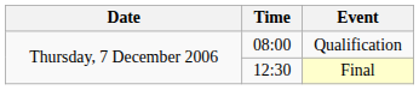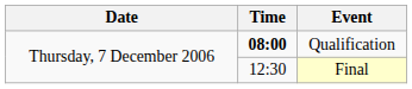 <table class = "wikitable" style="text-align:center;">
 <tr>
 <th width=220>Date</th>
 <th width=50>Time</th>
 <th width=100>Event</th>
 </tr>
 <tr>
 <td rowspan=2>Thursday, 7 December 2006</td>
-<td>08:00</td>
+<td><strong>08:00</strong></td>
 <td>Qualification</td>
 </tr>
 <tr>
 <td>12:30</td>
 <td bgcolor=ffffcc>Final</td>
 </tr>
 </table>
